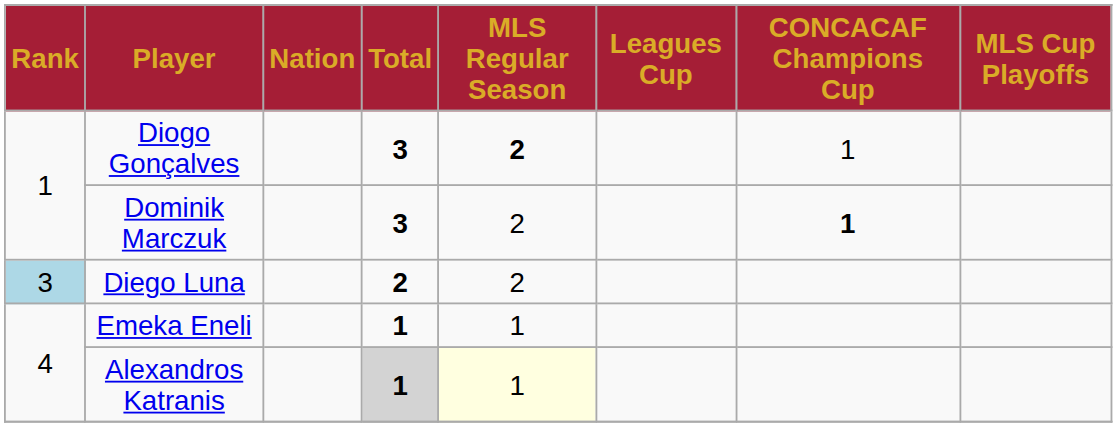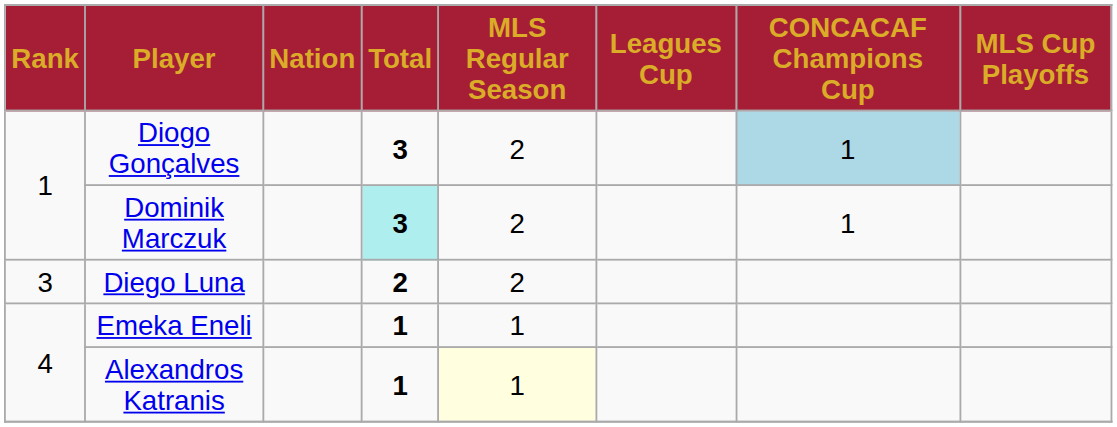 <table class="wikitable" style="font-size: 95%; text-align: center;">
 <tr>
 </tr>
 <tr>
 <th style="background:#A51E36; color:#DAAC27; text-align:center;">Rank</th>
 <th style="background:#A51E36; color:#DAAC27; text-align:center;">Player</th>
 <th style="background:#A51E36; color:#DAAC27; text-align:center;">Nation</th>
 <th style="background:#A51E36; color:#DAAC27; text-align:center;">Total</th>
 <th style="background:#A51E36; color:#DAAC27; text-align:center;">MLS Regular Season</th>
 <th style="background:#A51E36; color:#DAAC27; text-align:center;">Leagues Cup</th>
 <th style="background:#A51E36; color:#DAAC27; text-align:center;">CONCACAF Champions Cup</th>
 <th style="background:#A51E36; color:#DAAC27; text-align:center;">MLS Cup Playoffs</th>
 </tr>
 <tr>
 <td rowspan="2">1</td>
 <td><a href='#'>Diogo Gonçalves</a></td>
 <td></td>
 <td><strong>3</strong></td>
-<td><strong>2</strong></td>
+<td>2</td>
+<td></td>
+<td style="background: lightblue;">1</td>
+<td></td>
+</tr>
+<tr>
+<td><a href='#'>Dominik Marczuk</a></td>
+<td></td>
+<td style="background: paleturquoise;"><strong>3</strong></td>
+<td>2</td>
 <td></td>
 <td>1</td>
 <td></td>
 </tr>
 <tr>
-<td><a href='#'>Dominik Marczuk</a></td>
-<td></td>
-<td><strong>3</strong></td>
-<td>2</td>
-<td></td>
-<td><strong>1</strong></td>
-<td></td>
-</tr>
-<tr>
-<td rowspan="1" style="background: lightblue;">3</td>
+<td rowspan="1">3</td>
 <td><a href='#'>Diego Luna</a></td>
 <td></td>
 <td><strong>2</strong></td>
 <td>2</td>
 <td></td>
 <td></td>
 <td></td>
 </tr>
 <tr>
 <td rowspan="2">4</td>
 <td><a href='#'>Emeka Eneli</a></td>
 <td></td>
 <td><strong>1</strong></td>
 <td>1</td>
 <td></td>
 <td></td>
 <td></td>
 </tr>
 <tr>
 <td><a href='#'>Alexandros Katranis</a></td>
 <td></td>
-<td style="background: lightgrey;"><strong>1</strong></td>
+<td><strong>1</strong></td>
 <td style="background: lightyellow;">1</td>
 <td></td>
 <td></td>
 <td></td>
 </tr>
 <tr>
 </tr>
 </table>
